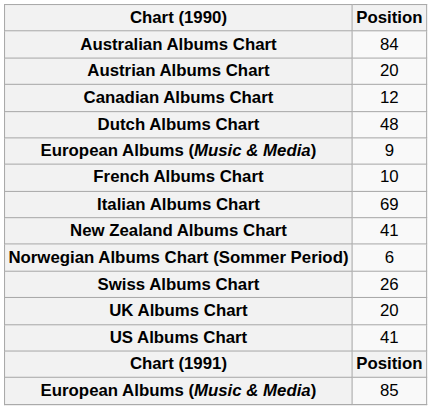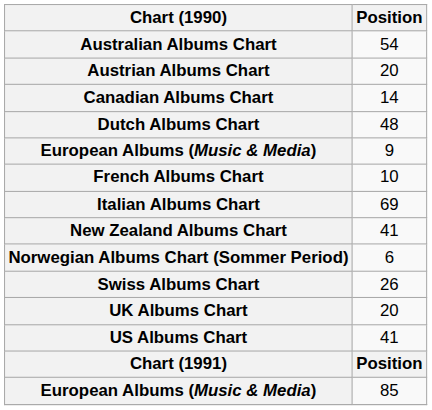 <table class="wikitable sortable plainrowheaders">
 <tr>
 <th scope="col">Chart (1990)</th>
 <th scope="col">Position</th>
 </tr>
 <tr>
 <th scope="row">Australian Albums Chart</th>
-<td style="text-align:center;">84</td>
+<td style="text-align:center;">54</td>
 </tr>
 <tr>
 <th scope="row">Austrian Albums Chart</th>
 <td style="text-align:center;">20</td>
 </tr>
 <tr>
 <th scope="row">Canadian Albums Chart</th>
-<td style="text-align:center;">12</td>
+<td style="text-align:center;">14</td>
 </tr>
 <tr>
 <th scope="row">Dutch Albums Chart</th>
 <td style="text-align:center;">48</td>
 </tr>
 <tr>
 <th scope="row">European Albums (<em>Music & Media</em>)</th>
 <td style="text-align:center;">9</td>
 </tr>
 <tr>
 <th scope="row">French Albums Chart</th>
 <td style="text-align:center;">10</td>
 </tr>
 <tr>
 <th scope="row">Italian Albums Chart</th>
 <td style="text-align:center;">69</td>
 </tr>
 <tr>
 <th scope="row">New Zealand Albums Chart</th>
 <td style="text-align:center;">41</td>
 </tr>
 <tr>
 <th scope="row">Norwegian Albums Chart (Sommer Period)</th>
 <td style="text-align:center;">6</td>
 </tr>
 <tr>
 <th scope="row">Swiss Albums Chart</th>
 <td style="text-align:center;">26</td>
 </tr>
 <tr>
 <th scope="row">UK Albums Chart</th>
 <td style="text-align:center;">20</td>
 </tr>
 <tr>
 <th scope="row">US Albums Chart</th>
 <td style="text-align:center;">41</td>
 </tr>
 <tr>
 <th scope="col">Chart (1991)</th>
 <th scope="col">Position</th>
 </tr>
 <tr>
 <th scope="row">European Albums (<em>Music & Media</em>)</th>
 <td style="text-align:center;">85</td>
 </tr>
 <tr>
 </tr>
 </table>
